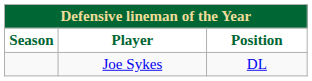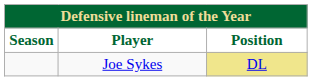 <table class="wikitable sortable" style="text-align:center">
 <tr>
 <td colspan="4" style="background:#063; color:	#ed9;"><strong>Defensive lineman of the Year</strong></td>
 </tr>
 <tr>
 <th style="width:50px; background:white; color:#063;">Season</th>
 <th style="width:150px; background:white; color:#063;">Player</th>
 <th style="width:100px; background:white; color:#063;">Position</th>
 </tr>
 <tr>
 <td></td>
 <td><a href='#'>Joe Sykes</a></td>
-<td><a href='#'>DL</a></td>
+<td style="background: khaki;"><a href='#'>DL</a></td>
 </tr>
 </table>
